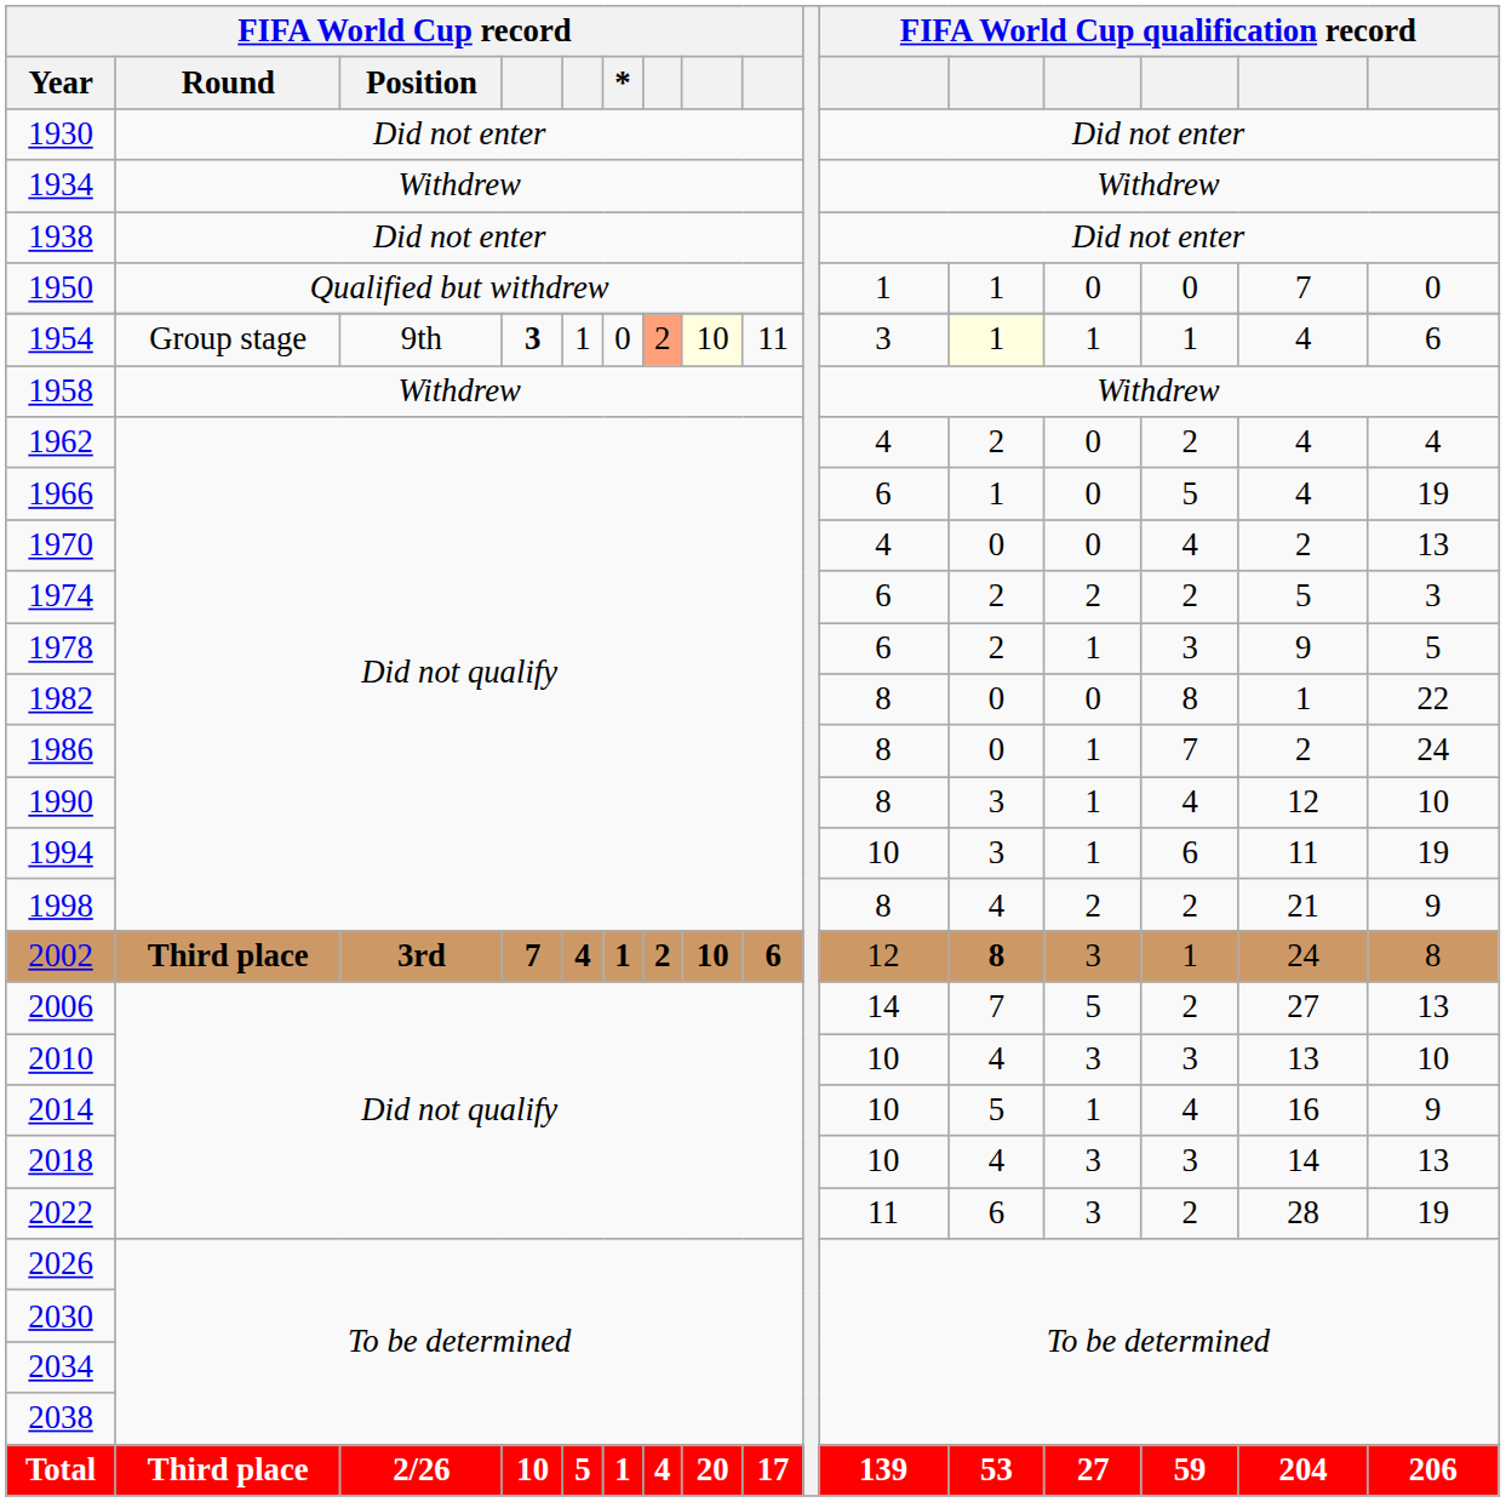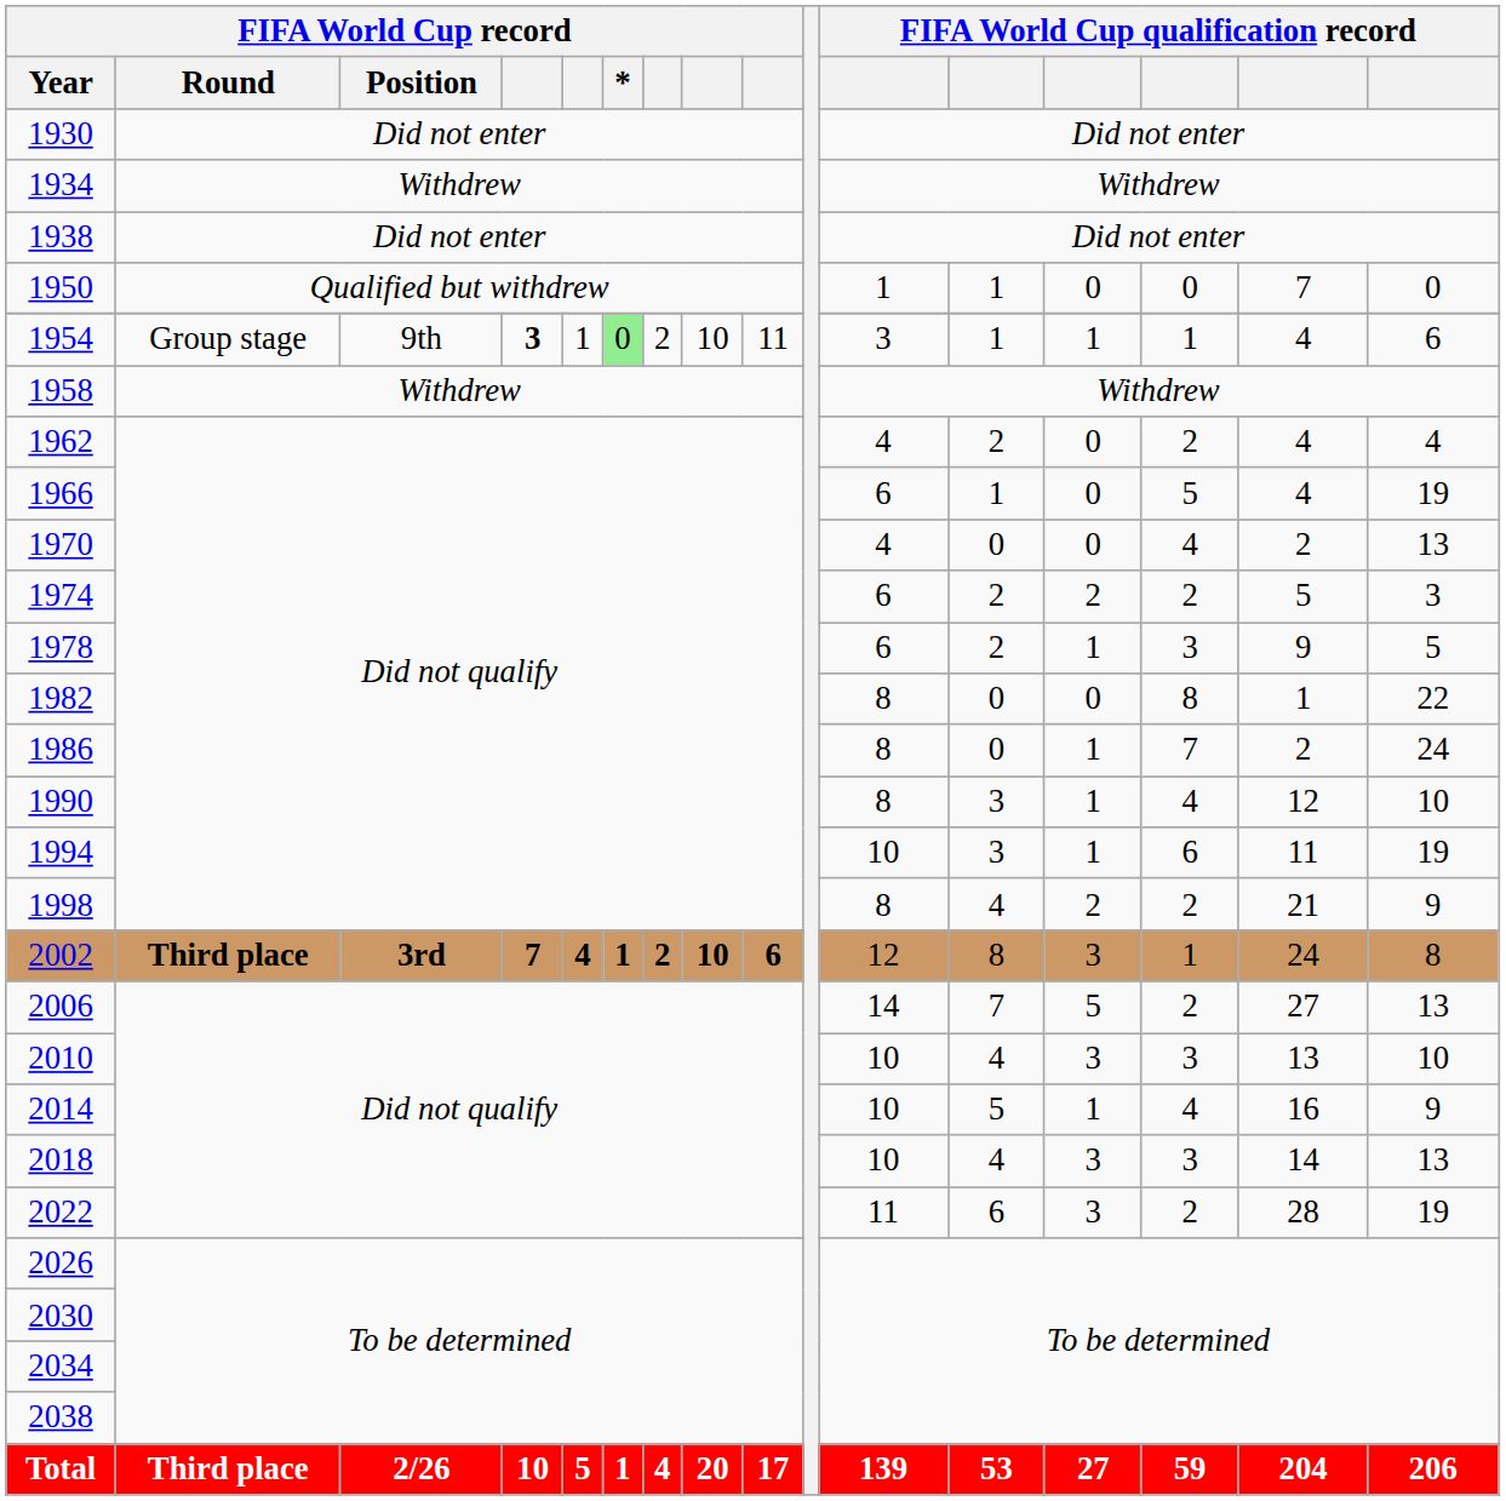 <table class="wikitable" style="text-align: center;">
 <tr>
 <th colspan=9><a href='#'>FIFA World Cup</a> record</th>
 <th style="width:1%;" rowspan="39"></th>
 <th colspan=6><a href='#'>FIFA World Cup qualification</a> record</th>
 </tr>
 <tr>
 <th>Year</th>
 <th>Round</th>
 <th>Position</th>
 <th></th>
 <th></th>
 <th>*</th>
 <th></th>
 <th></th>
 <th></th>
 <th></th>
 <th></th>
 <th></th>
 <th></th>
 <th></th>
 <th></th>
 </tr>
 <tr>
 <td> <a href='#'>1930</a></td>
 <td colspan=8><em>Did not enter</em></td>
 <td colspan=6><em>Did not enter</em></td>
 </tr>
 <tr>
 <td> <a href='#'>1934</a></td>
 <td colspan=8><em>Withdrew</em></td>
 <td colspan=6><em>Withdrew</em></td>
 </tr>
 <tr>
 <td> <a href='#'>1938</a></td>
 <td colspan=8><em>Did not enter</em></td>
 <td colspan=6><em>Did not enter</em></td>
 </tr>
 <tr>
 <td> <a href='#'>1950</a></td>
 <td colspan=8><em>Qualified but withdrew</em></td>
 <td>1</td>
 <td>1</td>
 <td>0</td>
 <td>0</td>
 <td>7</td>
 <td>0</td>
 </tr>
 <tr>
 </tr>
 <tr>
 <td> <a href='#'>1954</a></td>
 <td>Group stage</td>
 <td>9th</td>
 <td><strong>3</strong></td>
 <td>1</td>
-<td>0</td>
-<td style="background: lightsalmon;">2</td>
-<td style="background: lightyellow;">10</td>
+<td style="background: lightgreen;">0</td>
+<td>2</td>
+<td>10</td>
 <td>11</td>
 <td>3</td>
-<td style="background: lightyellow;">1</td>
+<td>1</td>
 <td>1</td>
 <td>1</td>
 <td>4</td>
 <td>6</td>
 </tr>
 <tr>
 <td> <a href='#'>1958</a></td>
 <td colspan=8><em>Withdrew</em></td>
 <td colspan=6><em>Withdrew</em></td>
 </tr>
 <tr>
 <td> <a href='#'>1962</a></td>
 <td colspan=8 rowspan=10><em>Did not qualify</em></td>
 <td>4</td>
 <td>2</td>
 <td>0</td>
 <td>2</td>
 <td>4</td>
 <td>4</td>
 </tr>
 <tr>
 <td> <a href='#'>1966</a></td>
 <td>6</td>
 <td>1</td>
 <td>0</td>
 <td>5</td>
 <td>4</td>
 <td>19</td>
 </tr>
 <tr>
 <td> <a href='#'>1970</a></td>
 <td>4</td>
 <td>0</td>
 <td>0</td>
 <td>4</td>
 <td>2</td>
 <td>13</td>
 </tr>
 <tr>
 <td> <a href='#'>1974</a></td>
 <td>6</td>
 <td>2</td>
 <td>2</td>
 <td>2</td>
 <td>5</td>
 <td>3</td>
 </tr>
 <tr>
 <td> <a href='#'>1978</a></td>
 <td>6</td>
 <td>2</td>
 <td>1</td>
 <td>3</td>
 <td>9</td>
 <td>5</td>
 </tr>
 <tr>
 <td> <a href='#'>1982</a></td>
 <td>8</td>
 <td>0</td>
 <td>0</td>
 <td>8</td>
 <td>1</td>
 <td>22</td>
 </tr>
 <tr>
 <td> <a href='#'>1986</a></td>
 <td>8</td>
 <td>0</td>
 <td>1</td>
 <td>7</td>
 <td>2</td>
 <td>24</td>
 </tr>
 <tr>
 <td> <a href='#'>1990</a></td>
 <td>8</td>
 <td>3</td>
 <td>1</td>
 <td>4</td>
 <td>12</td>
 <td>10</td>
 </tr>
 <tr>
 <td> <a href='#'>1994</a></td>
 <td>10</td>
 <td>3</td>
 <td>1</td>
 <td>6</td>
 <td>11</td>
 <td>19</td>
 </tr>
 <tr>
 <td> <a href='#'>1998</a></td>
 <td>8</td>
 <td>4</td>
 <td>2</td>
 <td>2</td>
 <td>21</td>
 <td>9</td>
 </tr>
 <tr style="background:#cc9966;">
 <td>  <a href='#'>2002</a></td>
 <td><strong>Third place</strong></td>
 <td><strong>3rd</strong></td>
 <td><strong>7</strong></td>
 <td><strong>4</strong></td>
 <td><strong>1</strong></td>
 <td><strong>2</strong></td>
 <td><strong>10</strong></td>
 <td><strong>6</strong></td>
 <td>12</td>
-<td><strong>8</strong></td>
+<td>8</td>
 <td>3</td>
 <td>1</td>
 <td>24</td>
 <td>8</td>
 </tr>
 <tr>
 <td> <a href='#'>2006</a></td>
 <td colspan=8 rowspan=5><em>Did not qualify</em></td>
 <td>14</td>
 <td>7</td>
 <td>5</td>
 <td>2</td>
 <td>27</td>
 <td>13</td>
 </tr>
 <tr>
 <td> <a href='#'>2010</a></td>
 <td>10</td>
 <td>4</td>
 <td>3</td>
 <td>3</td>
 <td>13</td>
 <td>10</td>
 </tr>
 <tr>
 <td> <a href='#'>2014</a></td>
 <td>10</td>
 <td>5</td>
 <td>1</td>
 <td>4</td>
 <td>16</td>
 <td>9</td>
 </tr>
 <tr>
 <td> <a href='#'>2018</a></td>
 <td>10</td>
 <td>4</td>
 <td>3</td>
 <td>3</td>
 <td>14</td>
 <td>13</td>
 </tr>
 <tr>
 <td> <a href='#'>2022</a></td>
 <td>11</td>
 <td>6</td>
 <td>3</td>
 <td>2</td>
 <td>28</td>
 <td>19</td>
 </tr>
 <tr>
 <td>   <a href='#'>2026</a></td>
 <td colspan=8 rowspan=4><em>To be determined</em></td>
 <td colspan=6 rowspan=4><em>To be determined</em></td>
 </tr>
 <tr>
 <td>      <a href='#'>2030</a></td>
 </tr>
 <tr>
 <td> <a href='#'>2034</a></td>
 </tr>
 <tr>
 <td> <a href='#'>2038</a></td>
 </tr>
 <tr>
 </tr>
 <tr style="color:white;">
 <th style="background:#ff0000;"><strong>Total</strong></th>
 <th style="background:#ff0000;"><strong>Third place</strong></th>
 <th style="background:#ff0000;"><strong>2/26</strong></th>
 <th style="background:#ff0000;"><strong>10</strong></th>
 <th style="background:#ff0000;"><strong>5</strong></th>
 <th style="background:#ff0000;"><strong>1</strong></th>
 <th style="background:#ff0000;"><strong>4</strong></th>
 <th style="background:#ff0000;"><strong>20</strong></th>
 <th style="background:#ff0000;"><strong>17</strong></th>
 <th style="background:#ff0000;"><strong>139</strong></th>
 <th style="background:#ff0000;"><strong>53</strong></th>
 <th style="background:#ff0000;"><strong>27</strong></th>
 <th style="background:#ff0000;"><strong>59</strong></th>
 <th style="background:#ff0000;"><strong>204</strong></th>
 <th style="background:#ff0000;"><strong>206</strong></th>
 </tr>
 </table>
